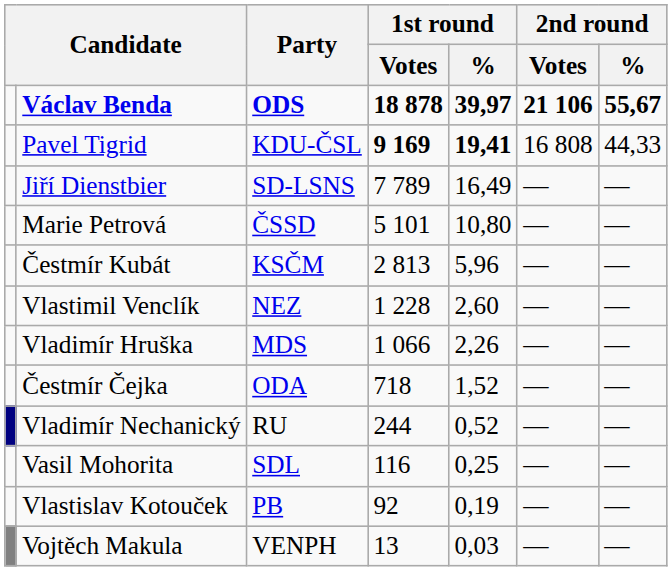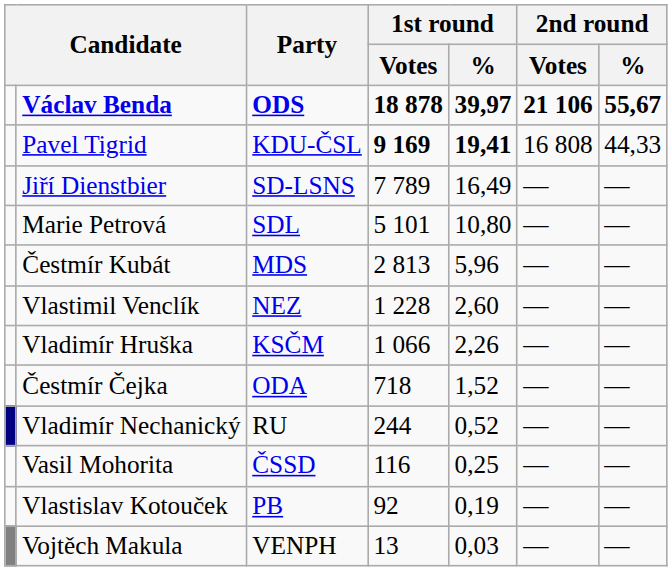 <table class="wikitable sortable">
 <tr>
 <th colspan="2" rowspan="2">Candidate</th>
 <th rowspan="2">Party</th>
 <th colspan="2">1st round</th>
 <th colspan="2">2nd round</th>
 </tr>
 <tr>
 <th>Votes</th>
 <th>%</th>
 <th>Votes</th>
 <th>%</th>
 </tr>
 <tr>
 <td style="background-color:"></td>
 <td><strong><a href='#'>Václav Benda</a></strong></td>
 <td><a href='#'><strong>ODS</strong></a></td>
 <td><strong>18 878</strong></td>
 <td><strong>39,97</strong></td>
 <td><strong>21 106</strong></td>
 <td><strong>55,67</strong></td>
 </tr>
 <tr>
 <td style="background-color:"></td>
 <td><a href='#'>Pavel Tigrid</a></td>
 <td><a href='#'>KDU-ČSL</a></td>
 <td><strong>9 169</strong></td>
 <td><strong>19,41</strong></td>
 <td>16 808</td>
 <td>44,33</td>
 </tr>
 <tr>
 <td style="background-color:"></td>
 <td><a href='#'>Jiří Dienstbier</a></td>
 <td><a href='#'>SD-LSNS</a></td>
 <td>7 789</td>
 <td>16,49</td>
 <td>—</td>
 <td>—</td>
 </tr>
 <tr>
 <td style="background-color:"></td>
 <td>Marie Petrová</td>
-<td><a href='#'>ČSSD</a></td>
+<td><a href='#'>SDL</a></td>
 <td>5 101</td>
 <td>10,80</td>
 <td>—</td>
 <td>—</td>
 </tr>
 <tr>
 <td style="background-color:"></td>
 <td>Čestmír Kubát</td>
-<td><a href='#'>KSČM</a></td>
+<td><a href='#'>MDS</a></td>
 <td>2 813</td>
 <td>5,96</td>
 <td>—</td>
 <td>—</td>
 </tr>
 <tr>
 <td style="background-color:"></td>
 <td>Vlastimil Venclík</td>
 <td><a href='#'>NEZ</a></td>
 <td>1 228</td>
 <td>2,60</td>
 <td>—</td>
 <td>—</td>
 </tr>
 <tr>
 <td style="background-color:"></td>
 <td>Vladimír Hruška</td>
-<td><a href='#'>MDS</a></td>
+<td><a href='#'>KSČM</a></td>
 <td>1 066</td>
 <td>2,26</td>
 <td>—</td>
 <td>—</td>
 </tr>
 <tr>
 <td style="background-color:"></td>
 <td>Čestmír Čejka</td>
 <td><a href='#'>ODA</a></td>
 <td>718</td>
 <td>1,52</td>
 <td>—</td>
 <td>—</td>
 </tr>
 <tr>
 <td style="background-color:navy"></td>
 <td>Vladimír Nechanický</td>
 <td>RU</td>
 <td>244</td>
 <td>0,52</td>
 <td>—</td>
 <td>—</td>
 </tr>
 <tr>
 <td style="background-color:"></td>
 <td>Vasil Mohorita</td>
-<td><a href='#'>SDL</a></td>
+<td><a href='#'>ČSSD</a></td>
 <td>116</td>
 <td>0,25</td>
 <td>—</td>
 <td>—</td>
 </tr>
 <tr>
 <td style="background-color:"></td>
 <td>Vlastislav Kotouček</td>
 <td><a href='#'>PB</a></td>
 <td>92</td>
 <td>0,19</td>
 <td>—</td>
 <td>—</td>
 </tr>
 <tr>
 <td style="background-color:grey"></td>
 <td>Vojtěch Makula</td>
 <td>VENPH</td>
 <td>13</td>
 <td>0,03</td>
 <td>—</td>
 <td>—</td>
 </tr>
 </table>
